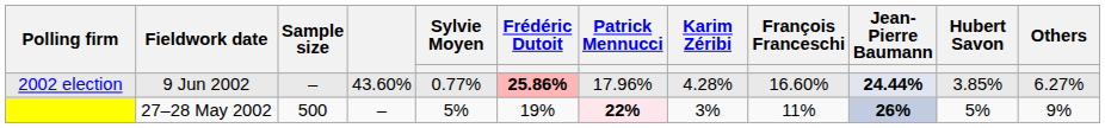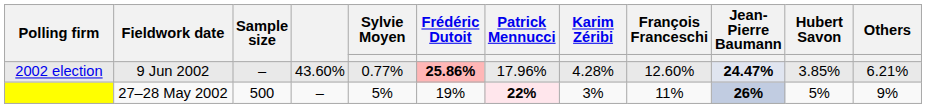 <table class="wikitable sortable" style="text-align:center;font-size:90%;line-height:14px;">
 <tr style="height:40px;">
 <th style="width:100px;" rowspan="2">Polling firm</th>
 <th style="width:110px;" rowspan="2">Fieldwork date</th>
 <th style="width:35px;" rowspan="2">Sample<br>size</th>
 <th style="width:30px;" rowspan="2"></th>
 <th class="unsortable" style="width:60px;">Sylvie Moyen<br></th>
 <th class="unsortable" style="width:60px;"><a href='#'>Frédéric Dutoit</a><br></th>
 <th class="unsortable" style="width:60px;"><a href='#'>Patrick Mennucci</a><br></th>
 <th class="unsortable" style="width:60px;"><a href='#'>Karim Zéribi</a><br></th>
 <th class="unsortable" style="width:60px;">François Franceschi<br></th>
 <th class="unsortable" style="width:60px;">Jean-Pierre Baumann<br></th>
 <th class="unsortable" style="width:60px;">Hubert Savon<br></th>
 <th class="unsortable" style="width:60px;">Others</th>
 </tr>
 <tr>
 <th style="background:"></th>
 <th style="background:"></th>
 <th style="background:"></th>
 <th style="background:"></th>
 <th style="background:"></th>
 <th style="background:"></th>
 <th style="background:"></th>
 <th style="background:"></th>
 </tr>
 <tr style="background:#E9E9E9;">
 <td><a href='#'>2002 election</a></td>
 <td data-sort-value="2002-06-09">9 Jun 2002</td>
 <td>–</td>
 <td>43.60%</td>
 <td>0.77%</td>
 <td style="background:#FFB6B6;"><strong>25.86%</strong></td>
 <td>17.96%</td>
 <td>4.28%</td>
-<td>16.60%</td>
-<td style="background:#E0E5F0;"><strong>24.44%</strong></td>
+<td>12.60%</td>
+<td style="background:#E0E5F0;"><strong>24.47%</strong></td>
 <td>3.85%</td>
-<td>6.27%</td>
+<td>6.21%</td>
 </tr>
 <tr>
 <td style="background:yellow;"></td>
 <td data-sort-value="2002-05-28">27–28 May 2002</td>
 <td>500</td>
 <td>–</td>
 <td>5%</td>
 <td>19%</td>
 <td style="background:#FFE6EC;"><strong>22%</strong></td>
 <td>3%</td>
 <td>11%</td>
 <td style="background:#C1CCE1;"><strong>26%</strong></td>
 <td>5%</td>
 <td>9%</td>
 </tr>
 </table>
